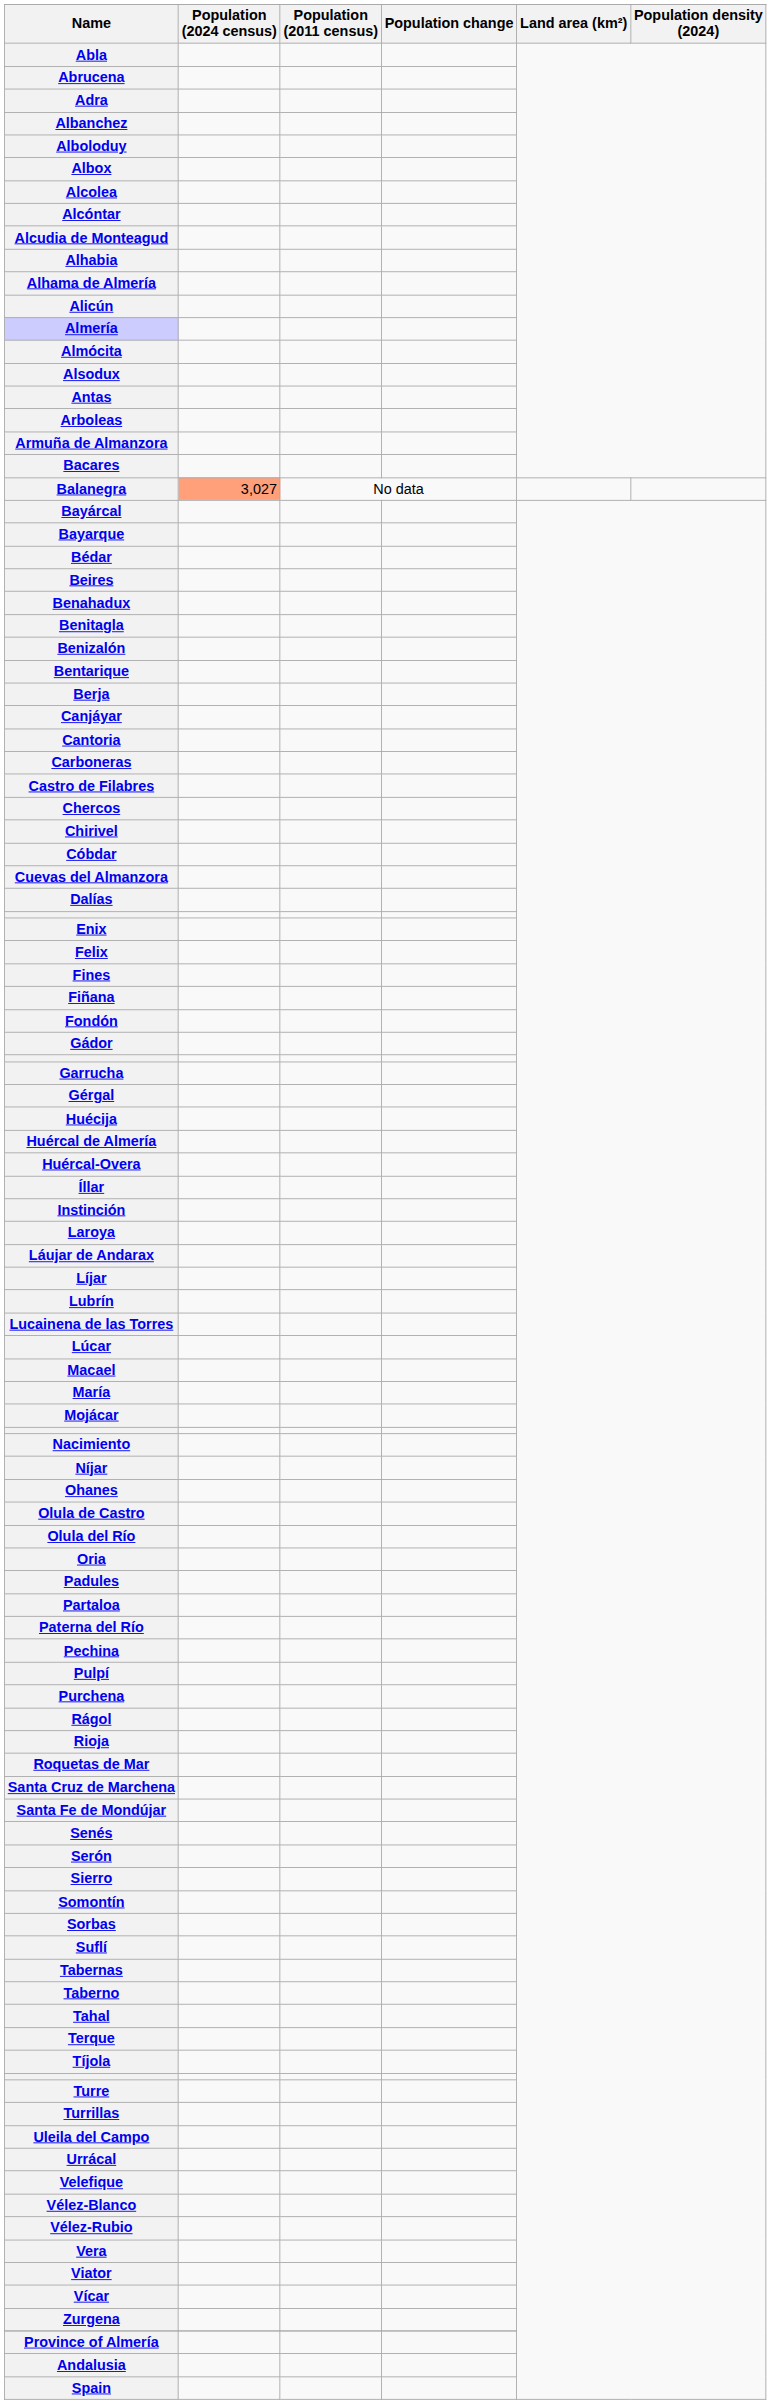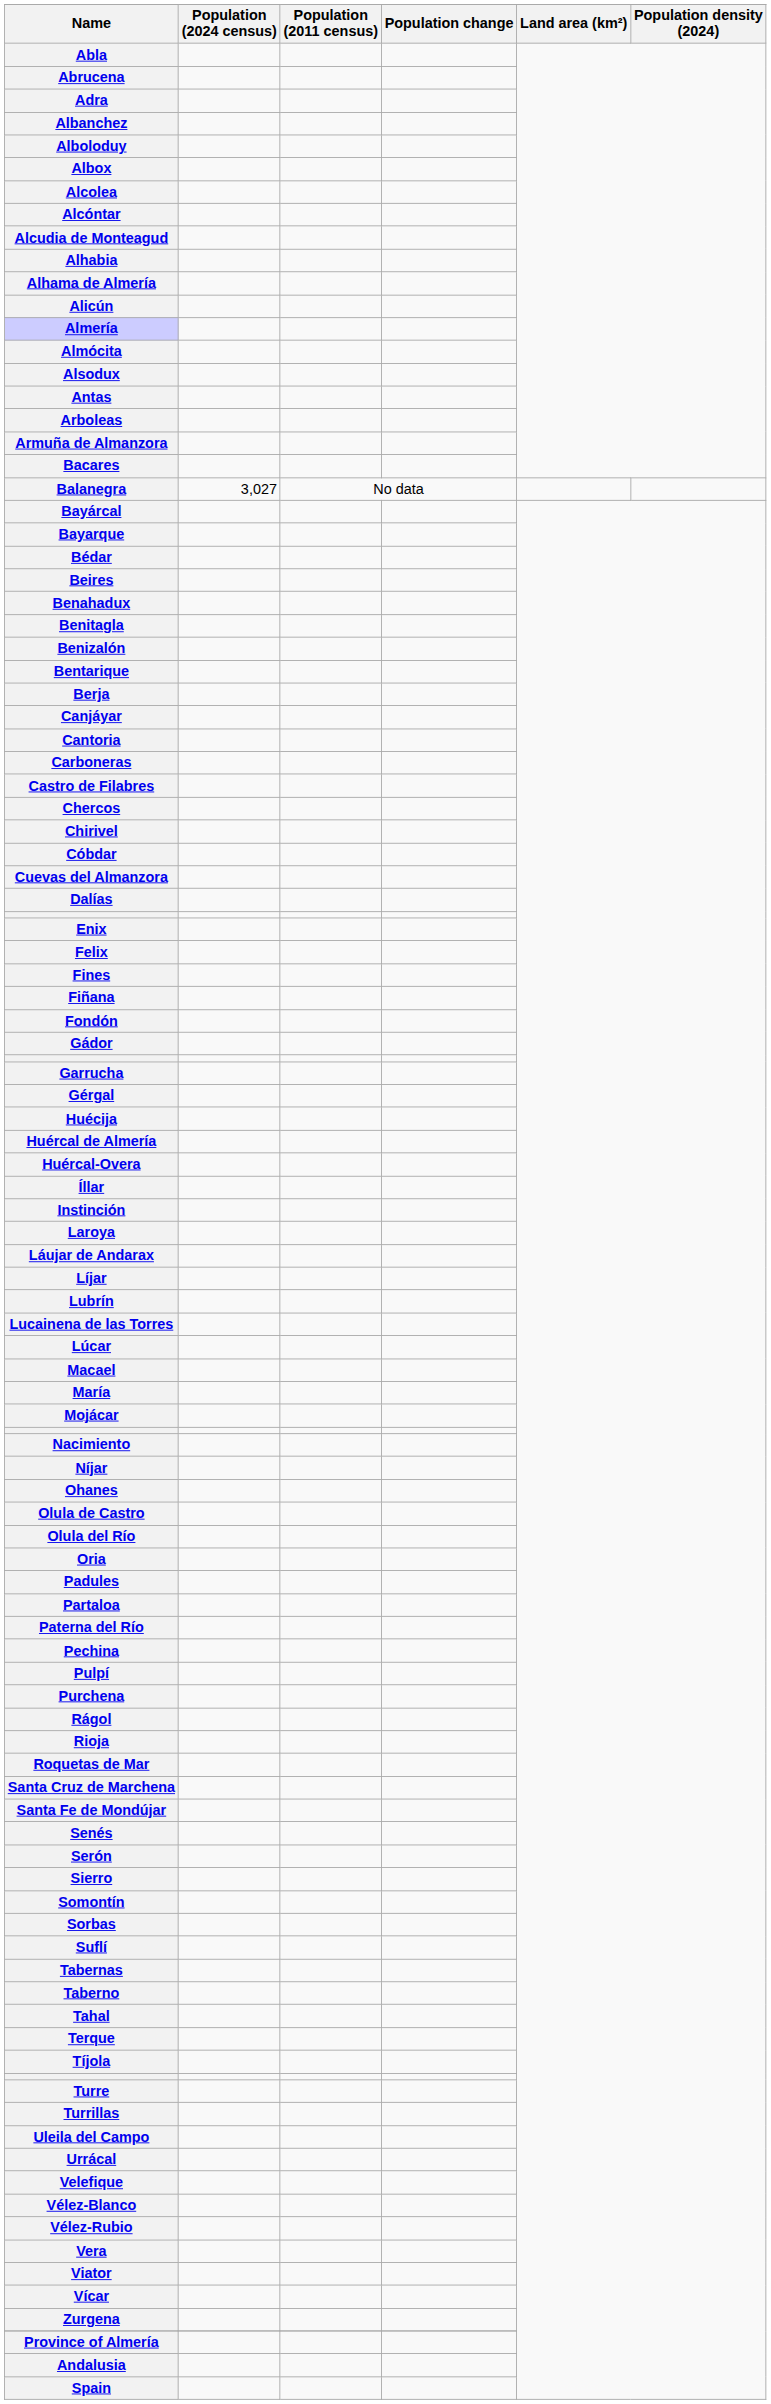 <table class="wikitable sortable sticky-header" style="text-align:right;">
 <tr>
 </tr>
 <tr>
 <th scope="col">Name</th>
 <th scope="col">Population<br>(2024 census)</th>
 <th scope="col">Population<br>(2011 census)</th>
 <th scope="col">Population change</th>
 <th scope="col" data-sort-type="number">Land area (km²)</th>
 <th scope="col" data-sort-type="number">Population density<br>(2024)</th>
 </tr>
 <tr>
 <th scope="row" align="center"><a href='#'>Abla</a></th>
 <td></td>
 <td></td>
 <td></td>
 </tr>
 <tr>
 <th scope="row" align="center"><a href='#'>Abrucena</a></th>
 <td></td>
 <td></td>
 <td></td>
 </tr>
 <tr>
 <th scope="row" align="center"><a href='#'>Adra</a></th>
 <td></td>
 <td></td>
 <td></td>
 </tr>
 <tr>
 <th scope="row" align="center"><a href='#'>Albanchez</a></th>
 <td></td>
 <td></td>
 <td></td>
 </tr>
 <tr>
 <th scope="row" align="center"><a href='#'>Alboloduy</a></th>
 <td></td>
 <td></td>
 <td></td>
 </tr>
 <tr>
 <th scope="row" align="center"><a href='#'>Albox</a></th>
 <td></td>
 <td></td>
 <td></td>
 </tr>
 <tr>
 <th scope="row" align="center"><a href='#'>Alcolea</a></th>
 <td></td>
 <td></td>
 <td></td>
 </tr>
 <tr>
 <th scope="row" align="center"><a href='#'>Alcóntar</a></th>
 <td></td>
 <td></td>
 <td></td>
 </tr>
 <tr>
 <th scope="row" align="center"><a href='#'>Alcudia de Monteagud</a></th>
 <td></td>
 <td></td>
 <td></td>
 </tr>
 <tr>
 <th scope="row" align="center"><a href='#'>Alhabia</a></th>
 <td></td>
 <td></td>
 <td></td>
 </tr>
 <tr>
 <th scope="row" align="center"><a href='#'>Alhama de Almería</a></th>
 <td></td>
 <td></td>
 <td></td>
 </tr>
 <tr>
 <th scope="row" align="center"><a href='#'>Alicún</a></th>
 <td></td>
 <td></td>
 <td></td>
 </tr>
 <tr>
 <th scope="row" align="left" style="background:#CCF;"><a href='#'>Almería</a></th>
 <td></td>
 <td></td>
 <td></td>
 </tr>
 <tr>
 <th scope="row" align="center"><a href='#'>Almócita</a></th>
 <td></td>
 <td></td>
 <td></td>
 </tr>
 <tr>
 <th scope="row" align="center"><a href='#'>Alsodux</a></th>
 <td></td>
 <td></td>
 <td></td>
 </tr>
 <tr>
 <th scope="row" align="center"><a href='#'>Antas</a></th>
 <td></td>
 <td></td>
 <td></td>
 </tr>
 <tr>
 <th scope="row" align="center"><a href='#'>Arboleas</a></th>
 <td></td>
 <td></td>
 <td></td>
 </tr>
 <tr>
 <th scope="row" align="center"><a href='#'>Armuña de Almanzora</a></th>
 <td></td>
 <td></td>
 <td></td>
 </tr>
 <tr>
 <th scope="row" align="center"><a href='#'>Bacares</a></th>
 <td></td>
 <td></td>
 <td></td>
 </tr>
 <tr>
 <th scope="row" align="center"><a href='#'>Balanegra</a></th>
-<td align="right" style="background: lightsalmon;">3,027</td>
+<td align="right">3,027</td>
 <td colspan=2 align="center">No data</td>
 <td></td>
 <td></td>
 </tr>
 <tr>
 <th scope="row" align="center"><a href='#'>Bayárcal</a></th>
 <td></td>
 <td></td>
 <td></td>
 </tr>
 <tr>
 <th scope="row" align="center"><a href='#'>Bayarque</a></th>
 <td></td>
 <td></td>
 <td></td>
 </tr>
 <tr>
 <th scope="row" align="center"><a href='#'>Bédar</a></th>
 <td></td>
 <td></td>
 <td></td>
 </tr>
 <tr>
 <th scope="row" align="center"><a href='#'>Beires</a></th>
 <td></td>
 <td></td>
 <td></td>
 </tr>
 <tr>
 <th scope="row" align="center"><a href='#'>Benahadux</a></th>
 <td></td>
 <td></td>
 <td></td>
 </tr>
 <tr>
 <th scope="row" align="center"><a href='#'>Benitagla</a></th>
 <td></td>
 <td></td>
 <td></td>
 </tr>
 <tr>
 <th scope="row" align="center"><a href='#'>Benizalón</a></th>
 <td></td>
 <td></td>
 <td></td>
 </tr>
 <tr>
 <th scope="row" align="center"><a href='#'>Bentarique</a></th>
 <td></td>
 <td></td>
 <td></td>
 </tr>
 <tr>
 <th scope="row" align="center"><a href='#'>Berja</a></th>
 <td></td>
 <td></td>
 <td></td>
 </tr>
 <tr>
 <th scope="row" align="center"><a href='#'>Canjáyar</a></th>
 <td></td>
 <td></td>
 <td></td>
 </tr>
 <tr>
 <th scope="row" align="center"><a href='#'>Cantoria</a></th>
 <td></td>
 <td></td>
 <td></td>
 </tr>
 <tr>
 <th scope="row" align="center"><a href='#'>Carboneras</a></th>
 <td></td>
 <td></td>
 <td></td>
 </tr>
 <tr>
 <th scope="row" align="center"><a href='#'>Castro de Filabres</a></th>
 <td></td>
 <td></td>
 <td></td>
 </tr>
 <tr>
 <th scope="row" align="center"><a href='#'>Chercos</a></th>
 <td></td>
 <td></td>
 <td></td>
 </tr>
 <tr>
 <th scope="row" align="center"><a href='#'>Chirivel</a></th>
 <td></td>
 <td></td>
 <td></td>
 </tr>
 <tr>
 <th scope="row" align="center"><a href='#'>Cóbdar</a></th>
 <td></td>
 <td></td>
 <td></td>
 </tr>
 <tr>
 <th scope="row" align="center"><a href='#'>Cuevas del Almanzora</a></th>
 <td></td>
 <td></td>
 <td></td>
 </tr>
 <tr>
 <th scope="row" align="center"><a href='#'>Dalías</a></th>
 <td></td>
 <td></td>
 <td></td>
 </tr>
 <tr>
 <th scope="row" align="center"></th>
 <td></td>
 <td></td>
 <td></td>
 </tr>
 <tr>
 <th scope="row" align="center"><a href='#'>Enix</a></th>
 <td></td>
 <td></td>
 <td></td>
 </tr>
 <tr>
 <th scope="row" align="center"><a href='#'>Felix</a></th>
 <td></td>
 <td></td>
 <td></td>
 </tr>
 <tr>
 <th scope="row" align="center"><a href='#'>Fines</a></th>
 <td></td>
 <td></td>
 <td></td>
 </tr>
 <tr>
 <th scope="row" align="center"><a href='#'>Fiñana</a></th>
 <td></td>
 <td></td>
 <td></td>
 </tr>
 <tr>
 <th scope="row" align="center"><a href='#'>Fondón</a></th>
 <td></td>
 <td></td>
 <td></td>
 </tr>
 <tr>
 <th scope="row" align="center"><a href='#'>Gádor</a></th>
 <td></td>
 <td></td>
 <td></td>
 </tr>
 <tr>
 <th scope="row" align="center"></th>
 <td></td>
 <td></td>
 <td></td>
 </tr>
 <tr>
 <th scope="row" align="center"><a href='#'>Garrucha</a></th>
 <td></td>
 <td></td>
 <td></td>
 </tr>
 <tr>
 <th scope="row" align="center"><a href='#'>Gérgal</a></th>
 <td></td>
 <td></td>
 <td></td>
 </tr>
 <tr>
 <th scope="row" align="center"><a href='#'>Huécija</a></th>
 <td></td>
 <td></td>
 <td></td>
 </tr>
 <tr>
 <th scope="row" align="center"><a href='#'>Huércal de Almería</a></th>
 <td></td>
 <td></td>
 <td></td>
 </tr>
 <tr>
 <th scope="row" align="center"><a href='#'>Huércal-Overa</a></th>
 <td></td>
 <td></td>
 <td></td>
 </tr>
 <tr>
 <th scope="row" align="center"><a href='#'>Íllar</a></th>
 <td></td>
 <td></td>
 <td></td>
 </tr>
 <tr>
 <th scope="row" align="center"><a href='#'>Instinción</a></th>
 <td></td>
 <td></td>
 <td></td>
 </tr>
 <tr>
 <th scope="row" align="center"><a href='#'>Laroya</a></th>
 <td></td>
 <td></td>
 <td></td>
 </tr>
 <tr>
 <th scope="row" align="center"><a href='#'>Láujar de Andarax</a></th>
 <td></td>
 <td></td>
 <td></td>
 </tr>
 <tr>
 <th scope="row" align="center"><a href='#'>Líjar</a></th>
 <td></td>
 <td></td>
 <td></td>
 </tr>
 <tr>
 <th scope="row" align="center"><a href='#'>Lubrín</a></th>
 <td></td>
 <td></td>
 <td></td>
 </tr>
 <tr>
 <th scope="row" align="center"><a href='#'>Lucainena de las Torres</a></th>
 <td></td>
 <td></td>
 <td></td>
 </tr>
 <tr>
 <th scope="row" align="center"><a href='#'>Lúcar</a></th>
 <td></td>
 <td></td>
 <td></td>
 </tr>
 <tr>
 <th scope="row" align="center"><a href='#'>Macael</a></th>
 <td></td>
 <td></td>
 <td></td>
 </tr>
 <tr>
 <th scope="row" align="center"><a href='#'>María</a></th>
 <td></td>
 <td></td>
 <td></td>
 </tr>
 <tr>
 <th scope="row" align="center"><a href='#'>Mojácar</a></th>
 <td></td>
 <td></td>
 <td></td>
 </tr>
 <tr>
 <th scope="row" align="center"></th>
 <td></td>
 <td></td>
 <td></td>
 </tr>
 <tr>
 <th scope="row" align="center"><a href='#'>Nacimiento</a></th>
 <td></td>
 <td></td>
 <td></td>
 </tr>
 <tr>
 <th scope="row" align="center"><a href='#'>Níjar</a></th>
 <td></td>
 <td></td>
 <td></td>
 </tr>
 <tr>
 <th scope="row" align="center"><a href='#'>Ohanes</a></th>
 <td></td>
 <td></td>
 <td></td>
 </tr>
 <tr>
 <th scope="row" align="center"><a href='#'>Olula de Castro</a></th>
 <td></td>
 <td></td>
 <td></td>
 </tr>
 <tr>
 <th scope="row" align="center"><a href='#'>Olula del Río</a></th>
 <td></td>
 <td></td>
 <td></td>
 </tr>
 <tr>
 <th scope="row" align="center"><a href='#'>Oria</a></th>
 <td></td>
 <td></td>
 <td></td>
 </tr>
 <tr>
 <th scope="row" align="center"><a href='#'>Padules</a></th>
 <td></td>
 <td></td>
 <td></td>
 </tr>
 <tr>
 <th scope="row" align="center"><a href='#'>Partaloa</a></th>
 <td></td>
 <td></td>
 <td></td>
 </tr>
 <tr>
 <th scope="row" align="center"><a href='#'>Paterna del Río</a></th>
 <td></td>
 <td></td>
 <td></td>
 </tr>
 <tr>
 <th scope="row" align="center"><a href='#'>Pechina</a></th>
 <td></td>
 <td></td>
 <td></td>
 </tr>
 <tr>
 <th scope="row" align="center"><a href='#'>Pulpí</a></th>
 <td></td>
 <td></td>
 <td></td>
 </tr>
 <tr>
 <th scope="row" align="center"><a href='#'>Purchena</a></th>
 <td></td>
 <td></td>
 <td></td>
 </tr>
 <tr>
 <th scope="row" align="center"><a href='#'>Rágol</a></th>
 <td></td>
 <td></td>
 <td></td>
 </tr>
 <tr>
 <th scope="row" align="center"><a href='#'>Rioja</a></th>
 <td></td>
 <td></td>
 <td></td>
 </tr>
 <tr>
 <th scope="row" align="center"><a href='#'>Roquetas de Mar</a></th>
 <td></td>
 <td></td>
 <td></td>
 </tr>
 <tr>
 <th scope="row" align="center"><a href='#'>Santa Cruz de Marchena</a></th>
 <td></td>
 <td></td>
 <td></td>
 </tr>
 <tr>
 <th scope="row" align="center"><a href='#'>Santa Fe de Mondújar</a></th>
 <td></td>
 <td></td>
 <td></td>
 </tr>
 <tr>
 <th scope="row" align="center"><a href='#'>Senés</a></th>
 <td></td>
 <td></td>
 <td></td>
 </tr>
 <tr>
 <th scope="row" align="center"><a href='#'>Serón</a></th>
 <td></td>
 <td></td>
 <td></td>
 </tr>
 <tr>
 <th scope="row" align="center"><a href='#'>Sierro</a></th>
 <td></td>
 <td></td>
 <td></td>
 </tr>
 <tr>
 <th scope="row" align="center"><a href='#'>Somontín</a></th>
 <td></td>
 <td></td>
 <td></td>
 </tr>
 <tr>
 <th scope="row" align="center"><a href='#'>Sorbas</a></th>
 <td></td>
 <td></td>
 <td></td>
 </tr>
 <tr>
 <th scope="row" align="center"><a href='#'>Suflí</a></th>
 <td></td>
 <td></td>
 <td></td>
 </tr>
 <tr>
 <th scope="row" align="center"><a href='#'>Tabernas</a></th>
 <td></td>
 <td></td>
 <td></td>
 </tr>
 <tr>
 <th scope="row" align="center"><a href='#'>Taberno</a></th>
 <td></td>
 <td></td>
 <td></td>
 </tr>
 <tr>
 <th scope="row" align="center"><a href='#'>Tahal</a></th>
 <td></td>
 <td></td>
 <td></td>
 </tr>
 <tr>
 <th scope="row" align="center"><a href='#'>Terque</a></th>
 <td></td>
 <td></td>
 <td></td>
 </tr>
 <tr>
 <th scope="row" align="center"><a href='#'>Tíjola</a></th>
 <td></td>
 <td></td>
 <td></td>
 </tr>
 <tr>
 <th scope="row" align="center"></th>
 <td></td>
 <td></td>
 <td></td>
 </tr>
 <tr>
 <th scope="row" align="center"><a href='#'>Turre</a></th>
 <td></td>
 <td></td>
 <td></td>
 </tr>
 <tr>
 <th scope="row" align="center"><a href='#'>Turrillas</a></th>
 <td></td>
 <td></td>
 <td></td>
 </tr>
 <tr>
 <th scope="row" align="center"><a href='#'>Uleila del Campo</a></th>
 <td></td>
 <td></td>
 <td></td>
 </tr>
 <tr>
 <th scope="row" align="center"><a href='#'>Urrácal</a></th>
 <td></td>
 <td></td>
 <td></td>
 </tr>
 <tr>
 <th scope="row" align="center"><a href='#'>Velefique</a></th>
 <td></td>
 <td></td>
 <td></td>
 </tr>
 <tr>
 <th scope="row" align="center"><a href='#'>Vélez-Blanco</a></th>
 <td></td>
 <td></td>
 <td></td>
 </tr>
 <tr>
 <th scope="row" align="center"><a href='#'>Vélez-Rubio</a></th>
 <td></td>
 <td></td>
 <td></td>
 </tr>
 <tr>
 <th scope="row" align="center"><a href='#'>Vera</a></th>
 <td></td>
 <td></td>
 <td></td>
 </tr>
 <tr>
 <th scope="row" align="center"><a href='#'>Viator</a></th>
 <td></td>
 <td></td>
 <td></td>
 </tr>
 <tr>
 <th scope="row" align="center"><a href='#'>Vícar</a></th>
 <td></td>
 <td></td>
 <td></td>
 </tr>
 <tr>
 <th scope="row" align="center"><a href='#'>Zurgena</a></th>
 <td></td>
 <td></td>
 <td></td>
 </tr>
 <tr>
 </tr>
 <tr class="sortbottom" style="text-align:center;" style="background: #f2f2f2;">
 <th scope="row" align="center"><strong><a href='#'>Province of Almería</a></strong></th>
 <td></td>
 <td><strong></strong></td>
 <td align="right"><strong></strong></td>
 </tr>
 <tr class="sortbottom" style="text-align:center;" style="background: #f2f2f2;">
 <th scope="row" align="center"><strong><a href='#'>Andalusia</a></strong></th>
 <td></td>
 <td><strong></strong></td>
 <td align="right"><strong></strong></td>
 </tr>
 <tr class="sortbottom" style="text-align:center;" style="background: #f2f2f2;">
 <th scope="row" align="center"><strong><a href='#'>Spain</a></strong></th>
 <td></td>
 <td><strong></strong></td>
 <td align="right"><strong></strong></td>
 </tr>
 </table>
